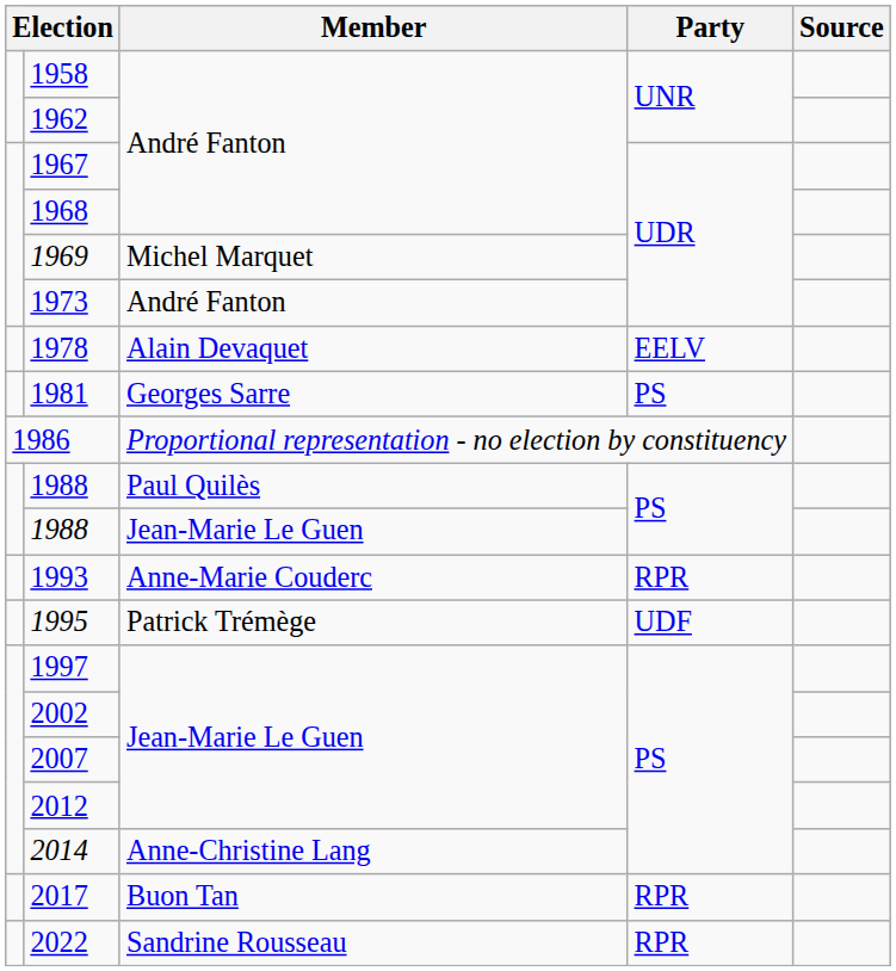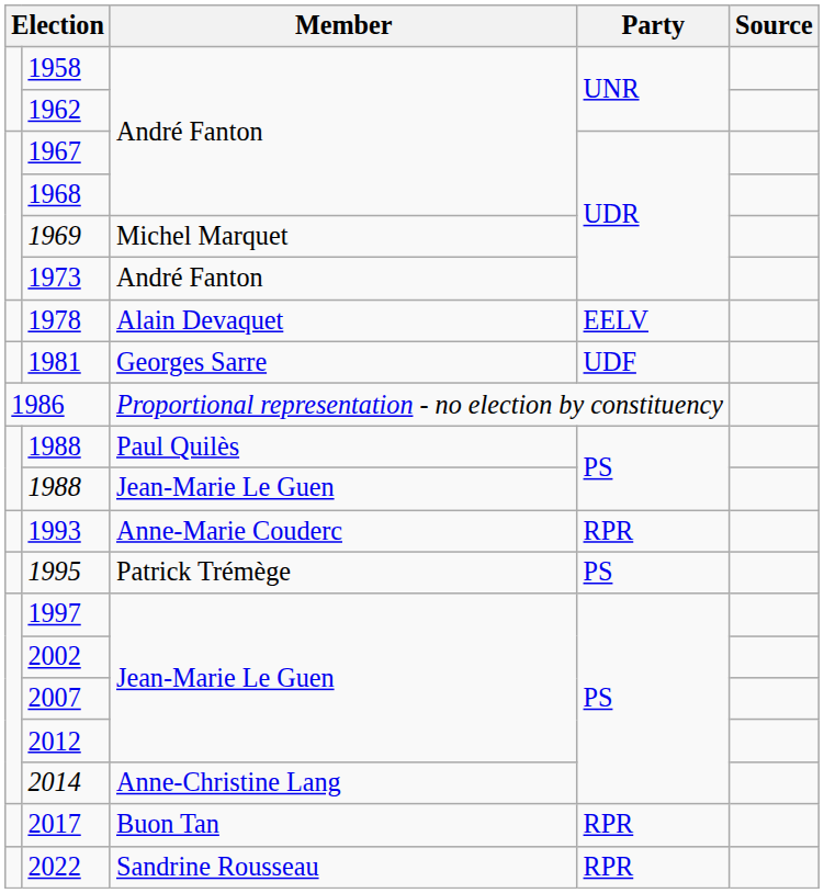 <table class="wikitable">
 <tr>
 <th colspan="2">Election</th>
 <th>Member</th>
 <th>Party</th>
 <th>Source</th>
 </tr>
 <tr>
 <td rowspan="2" style="color:inherit;background-color: "></td>
 <td><a href='#'>1958</a></td>
 <td rowspan="4">André Fanton</td>
 <td rowspan="2"><a href='#'>UNR</a></td>
 <td></td>
 </tr>
 <tr>
 <td><a href='#'>1962</a></td>
 <td></td>
 </tr>
 <tr>
 <td rowspan="4" style="color:inherit;background-color: "></td>
 <td><a href='#'>1967</a></td>
 <td rowspan="4"><a href='#'>UDR</a></td>
 <td></td>
 </tr>
 <tr>
 <td><a href='#'>1968</a></td>
 <td></td>
 </tr>
 <tr>
 <td><em>1969</em></td>
 <td>Michel Marquet</td>
 <td></td>
 </tr>
 <tr>
 <td><a href='#'>1973</a></td>
 <td>André Fanton</td>
 <td></td>
 </tr>
 <tr>
 <td style="color:inherit;background-color: "></td>
 <td><a href='#'>1978</a></td>
 <td><a href='#'>Alain Devaquet</a></td>
 <td><a href='#'>EELV</a></td>
 <td></td>
 </tr>
 <tr>
 <td style="color:inherit;background-color: "></td>
 <td><a href='#'>1981</a></td>
 <td><a href='#'>Georges Sarre</a></td>
-<td><a href='#'>PS</a></td>
+<td><a href='#'>UDF</a></td>
 <td></td>
 </tr>
 <tr>
 <td colspan="2"><a href='#'>1986</a></td>
 <td colspan="2"><em><a href='#'>Proportional representation</a> - no election by constituency</em></td>
 <td></td>
 </tr>
 <tr>
 <td rowspan="2" style="color:inherit;background-color: "></td>
 <td><a href='#'>1988</a></td>
 <td><a href='#'>Paul Quilès</a></td>
 <td rowspan="2"><a href='#'>PS</a></td>
 <td></td>
 </tr>
 <tr>
 <td><em>1988</em></td>
 <td><a href='#'>Jean-Marie Le Guen</a></td>
 <td></td>
 </tr>
 <tr>
 <td style="color:inherit;background-color: "></td>
 <td><a href='#'>1993</a></td>
 <td><a href='#'>Anne-Marie Couderc</a></td>
 <td><a href='#'>RPR</a></td>
 <td></td>
 </tr>
 <tr>
 <td style="color:inherit;background-color: "></td>
 <td><em>1995</em></td>
 <td>Patrick Trémège</td>
-<td><a href='#'>UDF</a></td>
+<td><a href='#'>PS</a></td>
 <td></td>
 </tr>
 <tr>
 <td rowspan="5" style="color:inherit;background-color: "></td>
 <td><a href='#'>1997</a></td>
 <td rowspan="4"><a href='#'>Jean-Marie Le Guen</a></td>
 <td rowspan="5"><a href='#'>PS</a></td>
 <td></td>
 </tr>
 <tr>
 <td><a href='#'>2002</a></td>
 <td></td>
 </tr>
 <tr>
 <td><a href='#'>2007</a></td>
 <td></td>
 </tr>
 <tr>
 <td><a href='#'>2012</a></td>
 <td></td>
 </tr>
 <tr>
 <td><em>2014</em></td>
 <td><a href='#'>Anne-Christine Lang</a></td>
 <td></td>
 </tr>
 <tr>
 <td style="color:inherit;background:"></td>
 <td><a href='#'>2017</a></td>
 <td><a href='#'>Buon Tan</a></td>
 <td><a href='#'>RPR</a></td>
 <td></td>
 </tr>
 <tr>
 <td style="color:inherit;background:"></td>
 <td><a href='#'>2022</a></td>
 <td><a href='#'>Sandrine Rousseau</a></td>
 <td><a href='#'>RPR</a></td>
 <td></td>
 </tr>
 </table>
